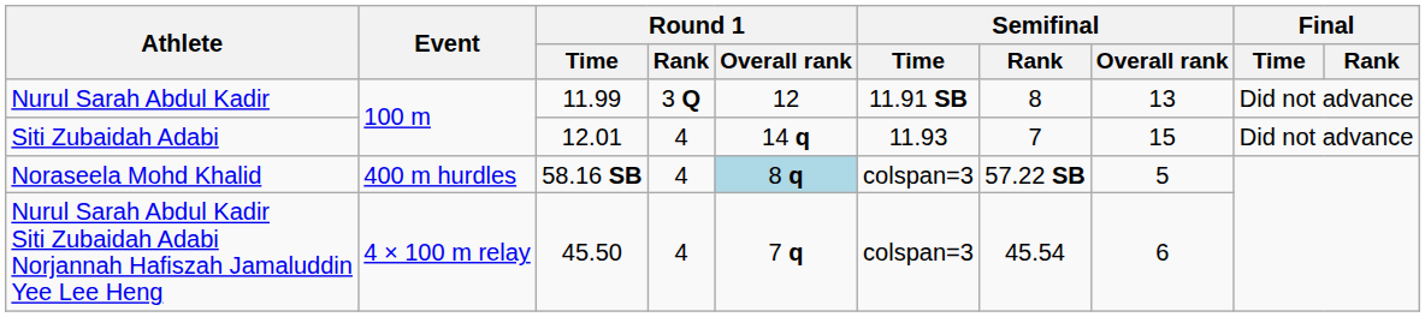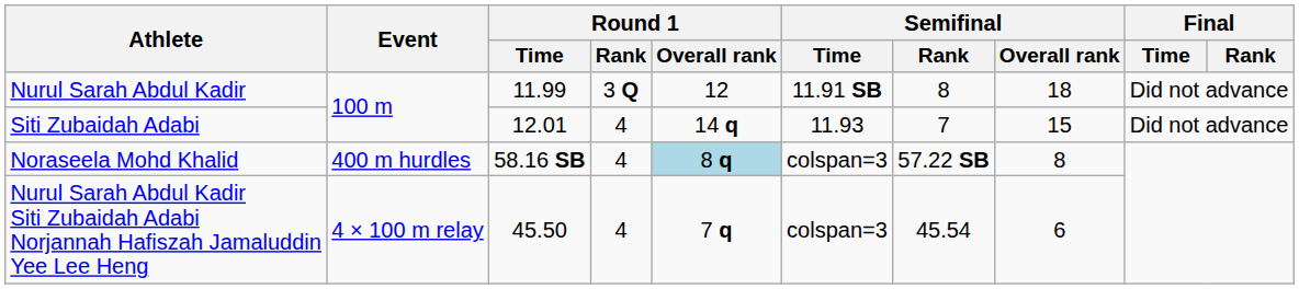 <table class="wikitable" style="font-size:90%">
 <tr>
 <th rowspan=2>Athlete</th>
 <th rowspan=2>Event</th>
 <th colspan=3>Round 1</th>
 <th colspan=3>Semifinal</th>
 <th colspan=2>Final</th>
 </tr>
 <tr style="font-size:95%">
 <th>Time</th>
 <th>Rank</th>
 <th>Overall rank</th>
 <th>Time</th>
 <th>Rank</th>
 <th>Overall rank</th>
 <th>Time</th>
 <th>Rank</th>
 </tr>
 <tr align=center>
 <td align=left><a href='#'>Nurul Sarah Abdul Kadir</a></td>
 <td align=left rowspan=2><a href='#'>100 m</a></td>
 <td>11.99</td>
 <td>3 <strong>Q</strong></td>
 <td>12</td>
 <td>11.91 <strong>SB</strong></td>
 <td>8</td>
-<td>13</td>
+<td>18</td>
 <td colspan=2>Did not advance</td>
 </tr>
 <tr align=center>
 <td align=left><a href='#'>Siti Zubaidah Adabi</a></td>
 <td>12.01</td>
 <td>4</td>
 <td>14 <strong>q</strong></td>
 <td>11.93</td>
 <td>7</td>
 <td>15</td>
 <td colspan=2>Did not advance</td>
 </tr>
 <tr align=center>
 <td align=left><a href='#'>Noraseela Mohd Khalid</a></td>
 <td align=left><a href='#'>400 m hurdles</a></td>
 <td>58.16 <strong>SB</strong></td>
 <td>4</td>
 <td style="background: lightblue;">8 <strong>q</strong></td>
 <td>colspan=3 </td>
 <td>57.22 <strong>SB</strong></td>
-<td>5</td>
+<td>8</td>
 </tr>
 <tr align=center>
 <td align=left><a href='#'>Nurul Sarah Abdul Kadir</a><br><a href='#'>Siti Zubaidah Adabi</a><br><a href='#'>Norjannah Hafiszah Jamaluddin</a><br><a href='#'>Yee Lee Heng</a></td>
 <td align=left><a href='#'>4 × 100 m relay</a></td>
 <td>45.50</td>
 <td>4</td>
 <td>7 <strong>q</strong></td>
 <td>colspan=3 </td>
 <td>45.54</td>
 <td>6</td>
 </tr>
 </table>
